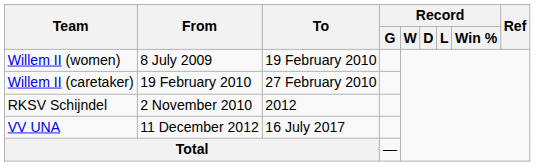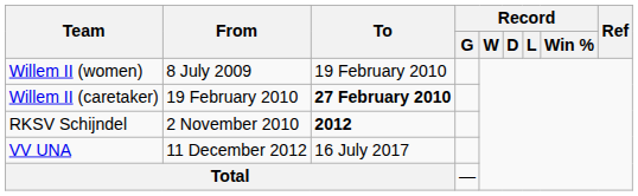 <table class="wikitable" style="text-align: center">
 <tr>
 <th rowspan=2>Team</th>
 <th rowspan=2>From</th>
 <th rowspan=2>To</th>
 <th colspan=5>Record</th>
 <th rowspan=2>Ref</th>
 </tr>
 <tr>
 <th>G</th>
 <th>W</th>
 <th>D</th>
 <th>L</th>
 <th>Win %</th>
 </tr>
 <tr>
 <td align=left><a href='#'>Willem II</a> (women)</td>
 <td align=left>8 July 2009</td>
 <td align=left>19 February 2010<br></td>
 <td></td>
 </tr>
 <tr>
 <td align=left><a href='#'>Willem II</a> (caretaker)</td>
 <td align=left>19 February 2010</td>
-<td align=left>27 February 2010<br></td>
+<td align=left><strong>27 February 2010<br></strong></td>
 <td></td>
 </tr>
 <tr>
 <td align=left>RKSV Schijndel</td>
 <td align=left>2 November 2010</td>
-<td align=left>2012<br></td>
+<td align=left><strong>2012<br></strong></td>
 <td></td>
 </tr>
 <tr>
 <td align=left><a href='#'>VV UNA</a></td>
 <td align=left>11 December 2012</td>
 <td align=left>16 July 2017<br></td>
 <td></td>
 </tr>
 <tr>
 <th colspan=3>Total<br></th>
 <td>—</td>
 </tr>
 </table>
